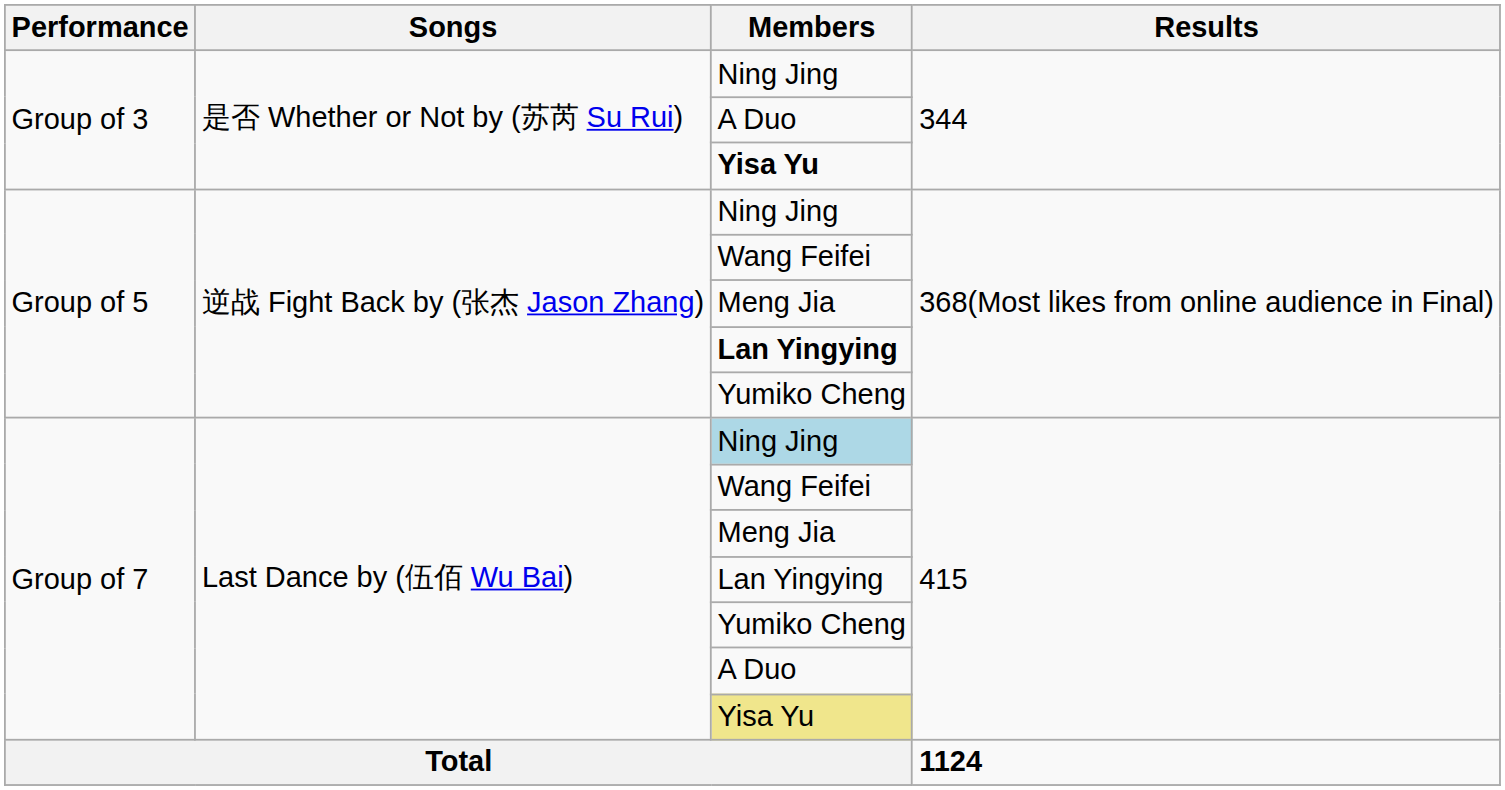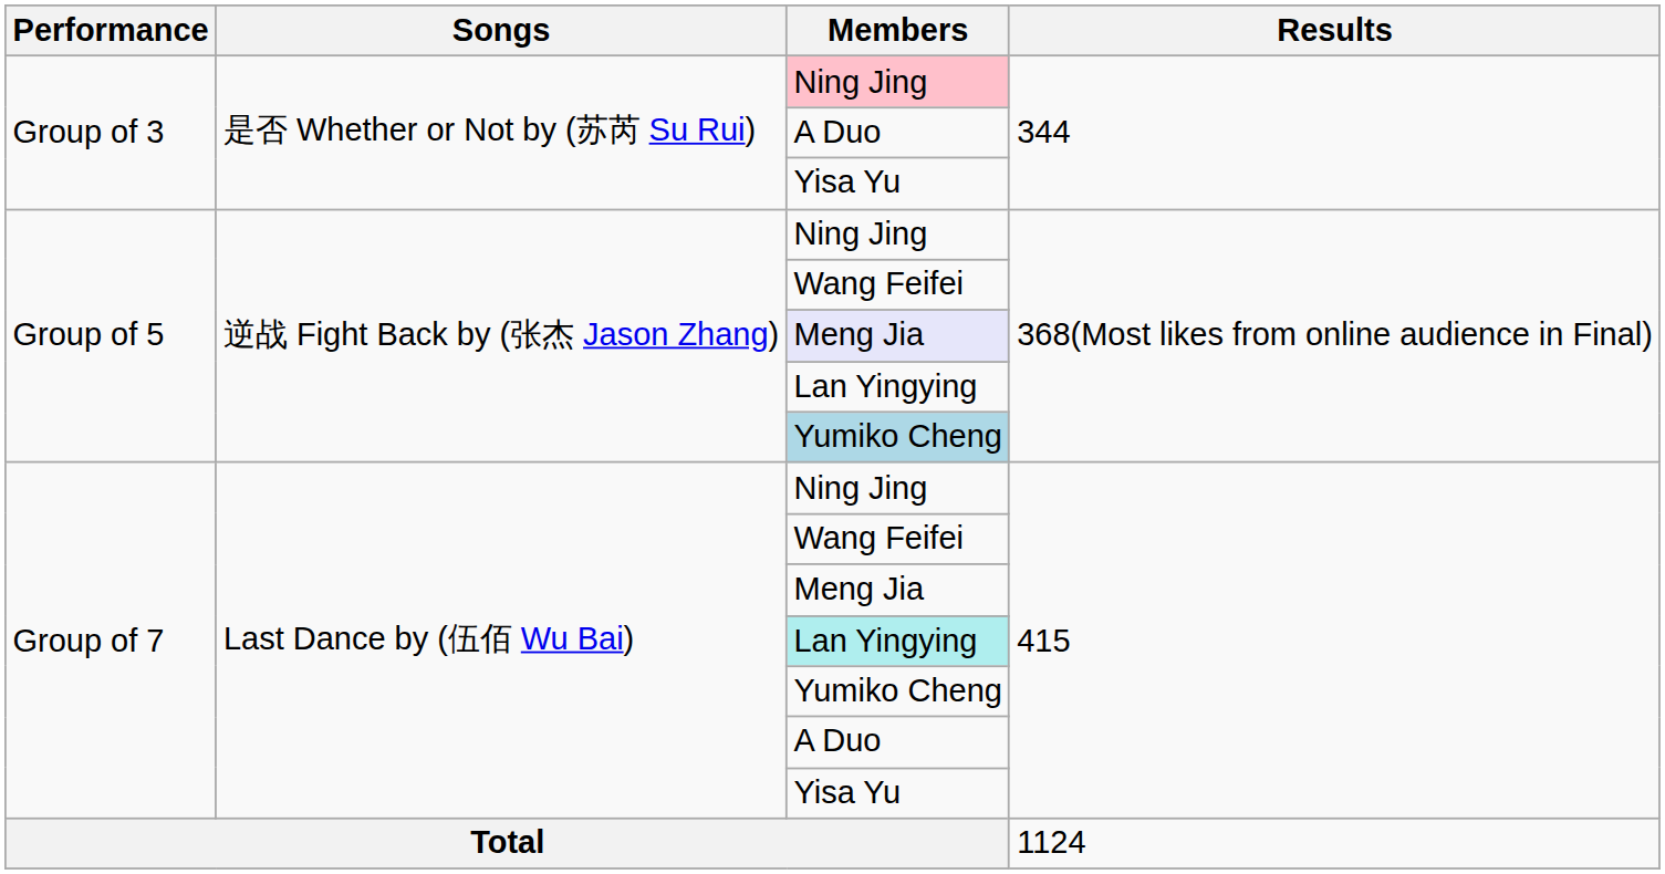 <table class="wikitable">
 <tr>
 <th>Performance</th>
 <th>Songs</th>
 <th>Members</th>
 <th>Results</th>
 </tr>
 <tr>
 <td rowspan="3">Group of 3</td>
 <td rowspan="3">是否 Whether or Not by (苏芮 <a href='#'>Su Rui</a>)</td>
-<td>Ning Jing</td>
+<td style="background: pink;">Ning Jing</td>
 <td rowspan="3">344</td>
 </tr>
 <tr>
 <td>A Duo</td>
 </tr>
 <tr>
-<td><strong>Yisa Yu</strong></td>
+<td>Yisa Yu</td>
 </tr>
 <tr>
 <td rowspan="5">Group of 5</td>
 <td rowspan="5">逆战 Fight Back by (张杰 <a href='#'>Jason Zhang</a>)</td>
 <td>Ning Jing</td>
 <td rowspan="5">368(Most likes from online audience in Final)</td>
 </tr>
 <tr>
 <td>Wang Feifei</td>
 </tr>
 <tr>
-<td>Meng Jia</td>
+<td style="background: lavender;">Meng Jia</td>
 </tr>
 <tr>
-<td><strong>Lan Yingying</strong></td>
+<td>Lan Yingying</td>
 </tr>
 <tr>
-<td>Yumiko Cheng</td>
+<td style="background: lightblue;">Yumiko Cheng</td>
 </tr>
 <tr>
 <td rowspan="7">Group of 7</td>
 <td rowspan="7">Last Dance by (伍佰 <a href='#'>Wu Bai</a>)</td>
-<td style="background: lightblue;">Ning Jing</td>
+<td>Ning Jing</td>
 <td rowspan="7">415</td>
 </tr>
 <tr>
 <td>Wang Feifei</td>
 </tr>
 <tr>
 <td>Meng Jia</td>
 </tr>
 <tr>
-<td>Lan Yingying</td>
+<td style="background: paleturquoise;">Lan Yingying</td>
 </tr>
 <tr>
 <td>Yumiko Cheng</td>
 </tr>
 <tr>
 <td>A Duo</td>
 </tr>
 <tr>
-<td style="background: khaki;">Yisa Yu</td>
+<td>Yisa Yu</td>
 </tr>
 <tr>
 <th colspan="3">Total</th>
-<td><strong>1124</strong></td>
+<td>1124</td>
 </tr>
 </table>
